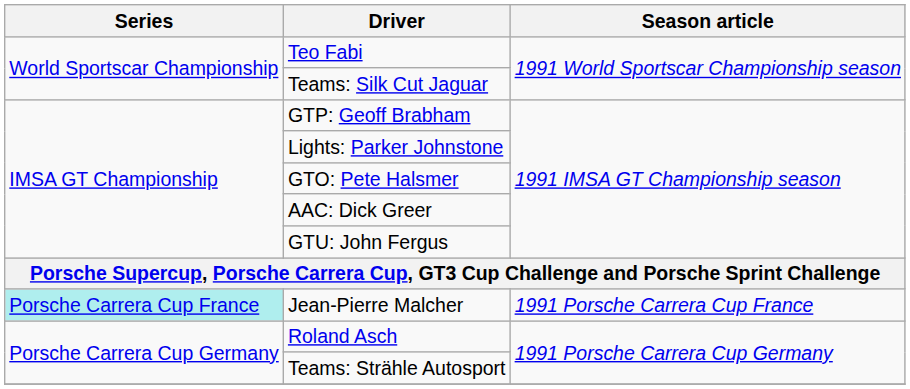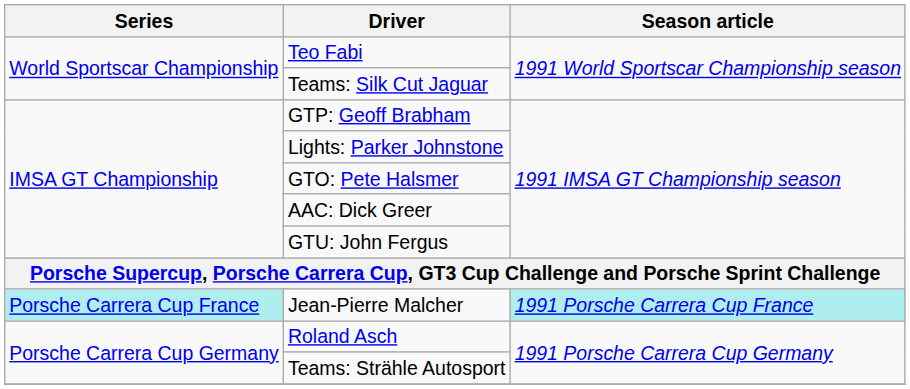 <table class="wikitable" style="font-size: 87%;">
 <tr>
 <th>Series</th>
 <th>Driver</th>
 <th>Season article</th>
 </tr>
 <tr>
 <td rowspan=2><a href='#'>World Sportscar Championship</a></td>
 <td> <a href='#'>Teo Fabi</a></td>
 <td rowspan=2><em><a href='#'>1991 World Sportscar Championship season</a></em></td>
 </tr>
 <tr>
 <td>Teams:  <a href='#'>Silk Cut Jaguar</a></td>
 </tr>
 <tr>
 <td rowspan=5><a href='#'>IMSA GT Championship</a></td>
 <td>GTP:  <a href='#'>Geoff Brabham</a></td>
 <td rowspan=5><em><a href='#'>1991 IMSA GT Championship season</a></em></td>
 </tr>
 <tr>
 <td>Lights:  <a href='#'>Parker Johnstone</a></td>
 </tr>
 <tr>
 <td>GTO:  <a href='#'>Pete Halsmer</a></td>
 </tr>
 <tr>
 <td>AAC:  Dick Greer</td>
 </tr>
 <tr>
 <td>GTU:  John Fergus</td>
 </tr>
 <tr>
 <th colspan="3"><a href='#'>Porsche Supercup</a>, <a href='#'>Porsche Carrera Cup</a>, GT3 Cup Challenge and Porsche Sprint Challenge</th>
 </tr>
 <tr>
 <td style="background: paleturquoise;"><a href='#'>Porsche Carrera Cup France</a></td>
 <td> Jean-Pierre Malcher</td>
-<td><em><a href='#'>1991 Porsche Carrera Cup France</a></em></td>
+<td style="background: paleturquoise;"><em><a href='#'>1991 Porsche Carrera Cup France</a></em></td>
 </tr>
 <tr>
 <td rowspan=2><a href='#'>Porsche Carrera Cup Germany</a></td>
 <td> <a href='#'>Roland Asch</a></td>
 <td rowspan=2><em><a href='#'>1991 Porsche Carrera Cup Germany</a></em></td>
 </tr>
 <tr>
 <td>Teams:  Strähle Autosport</td>
 </tr>
 <tr>
 </tr>
 </table>
